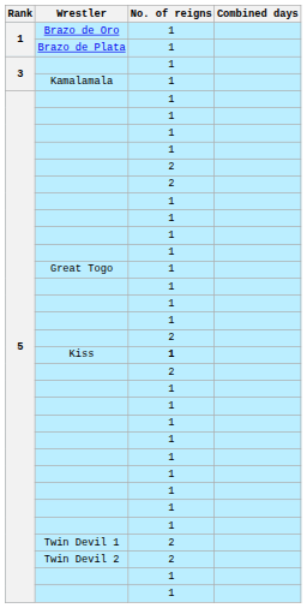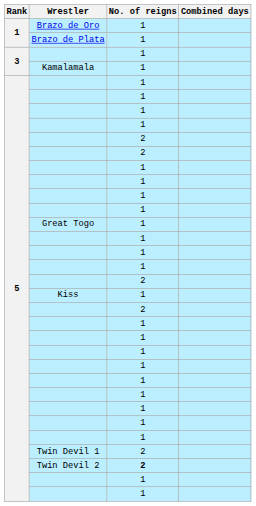 <table class="wikitable sortable" style="text-align: center">
 <tr>
 <th data-sort-type="number" scope="col">Rank</th>
 <th scope="col">Wrestler</th>
 <th data-sort-type="number" scope="col">No. of reigns</th>
 <th data-sort-type="number" scope="col">Combined days</th>
 </tr>
 <tr style="background-color:#bbeeff">
 <th rowspan=2 scope="row">1</th>
 <td><a href='#'>Brazo de Oro</a></td>
 <td>1</td>
 <td></td>
 </tr>
 <tr style="background-color:#bbeeff">
 <td><a href='#'>Brazo de Plata</a></td>
 <td>1</td>
 <td></td>
 </tr>
 <tr style="background-color:#bbeeff">
 <th rowspan=2 scope="row">3</th>
 <td></td>
 <td>1</td>
 <td></td>
 </tr>
 <tr style="background-color:#bbeeff">
 <td>Kamalamala</td>
 <td>1</td>
 <td></td>
 </tr>
 <tr style="background-color:#bbeeff">
 <th rowspan=30 scope="row">5</th>
 <td></td>
 <td>1</td>
 <td></td>
 </tr>
 <tr style="background-color:#bbeeff">
 <td></td>
 <td>1</td>
 <td></td>
 </tr>
 <tr style="background-color:#bbeeff">
 <td></td>
 <td>1</td>
 <td></td>
 </tr>
 <tr style="background-color:#bbeeff">
 <td></td>
 <td>1</td>
 <td></td>
 </tr>
 <tr style="background-color:#bbeeff">
 <td></td>
 <td>2</td>
 <td></td>
 </tr>
 <tr style="background-color:#bbeeff">
 <td></td>
 <td>2</td>
 <td></td>
 </tr>
 <tr style="background-color:#bbeeff">
 <td></td>
 <td>1</td>
 <td></td>
 </tr>
 <tr style="background-color:#bbeeff">
 <td></td>
 <td>1</td>
 <td></td>
 </tr>
 <tr style="background-color:#bbeeff">
 <td></td>
 <td>1</td>
 <td></td>
 </tr>
 <tr style="background-color:#bbeeff">
 <td></td>
 <td>1</td>
 <td></td>
 </tr>
 <tr style="background-color:#bbeeff">
 <td>Great Togo</td>
 <td>1</td>
 <td></td>
 </tr>
 <tr style="background-color:#bbeeff">
 <td></td>
 <td>1</td>
 <td></td>
 </tr>
 <tr style="background-color:#bbeeff">
 <td></td>
 <td>1</td>
 <td></td>
 </tr>
 <tr style="background-color:#bbeeff">
 <td></td>
 <td>1</td>
 <td></td>
 </tr>
 <tr style="background-color:#bbeeff">
 <td></td>
 <td>2</td>
 <td></td>
 </tr>
 <tr style="background-color:#bbeeff">
 <td>Kiss</td>
-<td><strong>1</strong></td>
+<td>1</td>
 <td></td>
 </tr>
 <tr style="background-color:#bbeeff">
 <td></td>
 <td>2</td>
 <td></td>
 </tr>
 <tr style="background-color:#bbeeff">
 <td></td>
 <td>1</td>
 <td></td>
 </tr>
 <tr style="background-color:#bbeeff">
 <td></td>
 <td>1</td>
 <td></td>
 </tr>
 <tr style="background-color:#bbeeff">
 <td></td>
 <td>1</td>
 <td></td>
 </tr>
 <tr style="background-color:#bbeeff">
 <td></td>
 <td>1</td>
 <td></td>
 </tr>
 <tr style="background-color:#bbeeff">
 <td></td>
 <td>1</td>
 <td></td>
 </tr>
 <tr style="background-color:#bbeeff">
 <td></td>
 <td>1</td>
 <td></td>
 </tr>
 <tr style="background-color:#bbeeff">
 <td></td>
 <td>1</td>
 <td></td>
 </tr>
 <tr style="background-color:#bbeeff">
 <td></td>
 <td>1</td>
 <td></td>
 </tr>
 <tr style="background-color:#bbeeff">
 <td></td>
 <td>1</td>
 <td></td>
 </tr>
 <tr style="background-color:#bbeeff">
 <td>Twin Devil 1</td>
 <td>2</td>
 <td></td>
 </tr>
 <tr style="background-color:#bbeeff">
 <td>Twin Devil 2</td>
-<td>2</td>
+<td><strong>2</strong></td>
 <td></td>
 </tr>
 <tr style="background-color:#bbeeff">
 <td></td>
 <td>1</td>
 <td></td>
 </tr>
 <tr style="background-color:#bbeeff">
 <td></td>
 <td>1</td>
 <td></td>
 </tr>
 </table>
